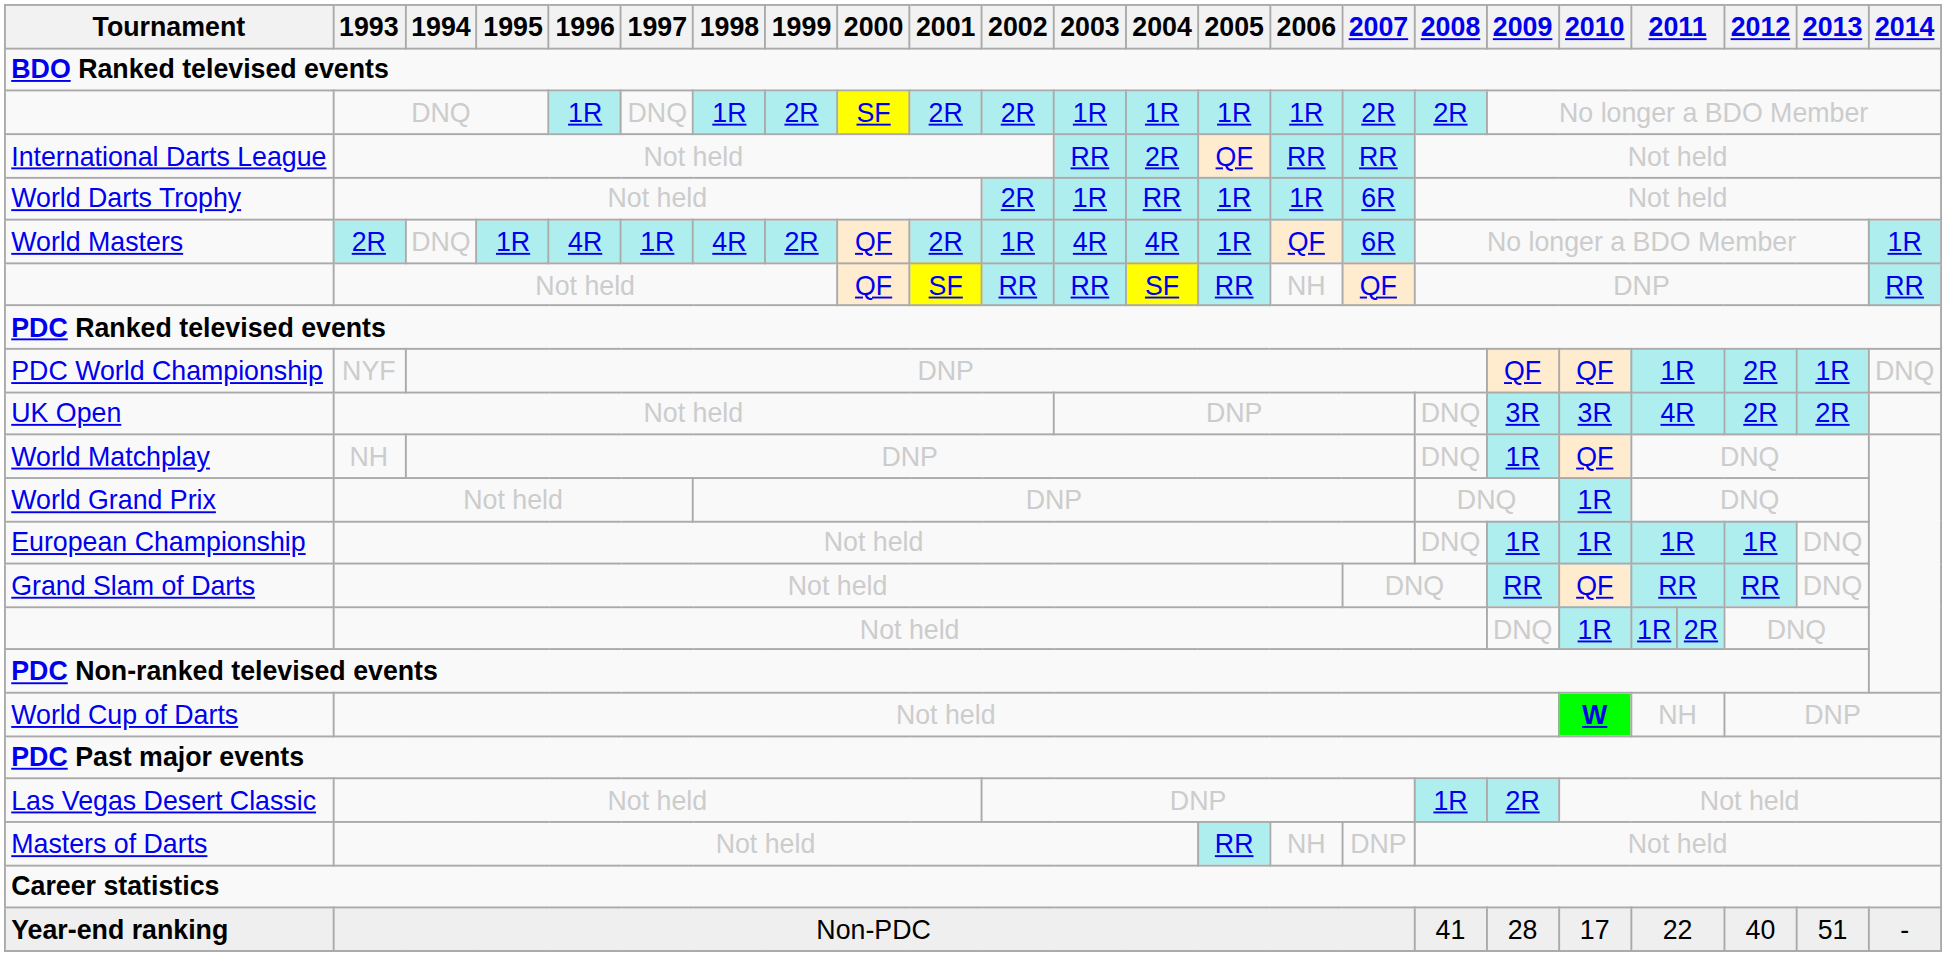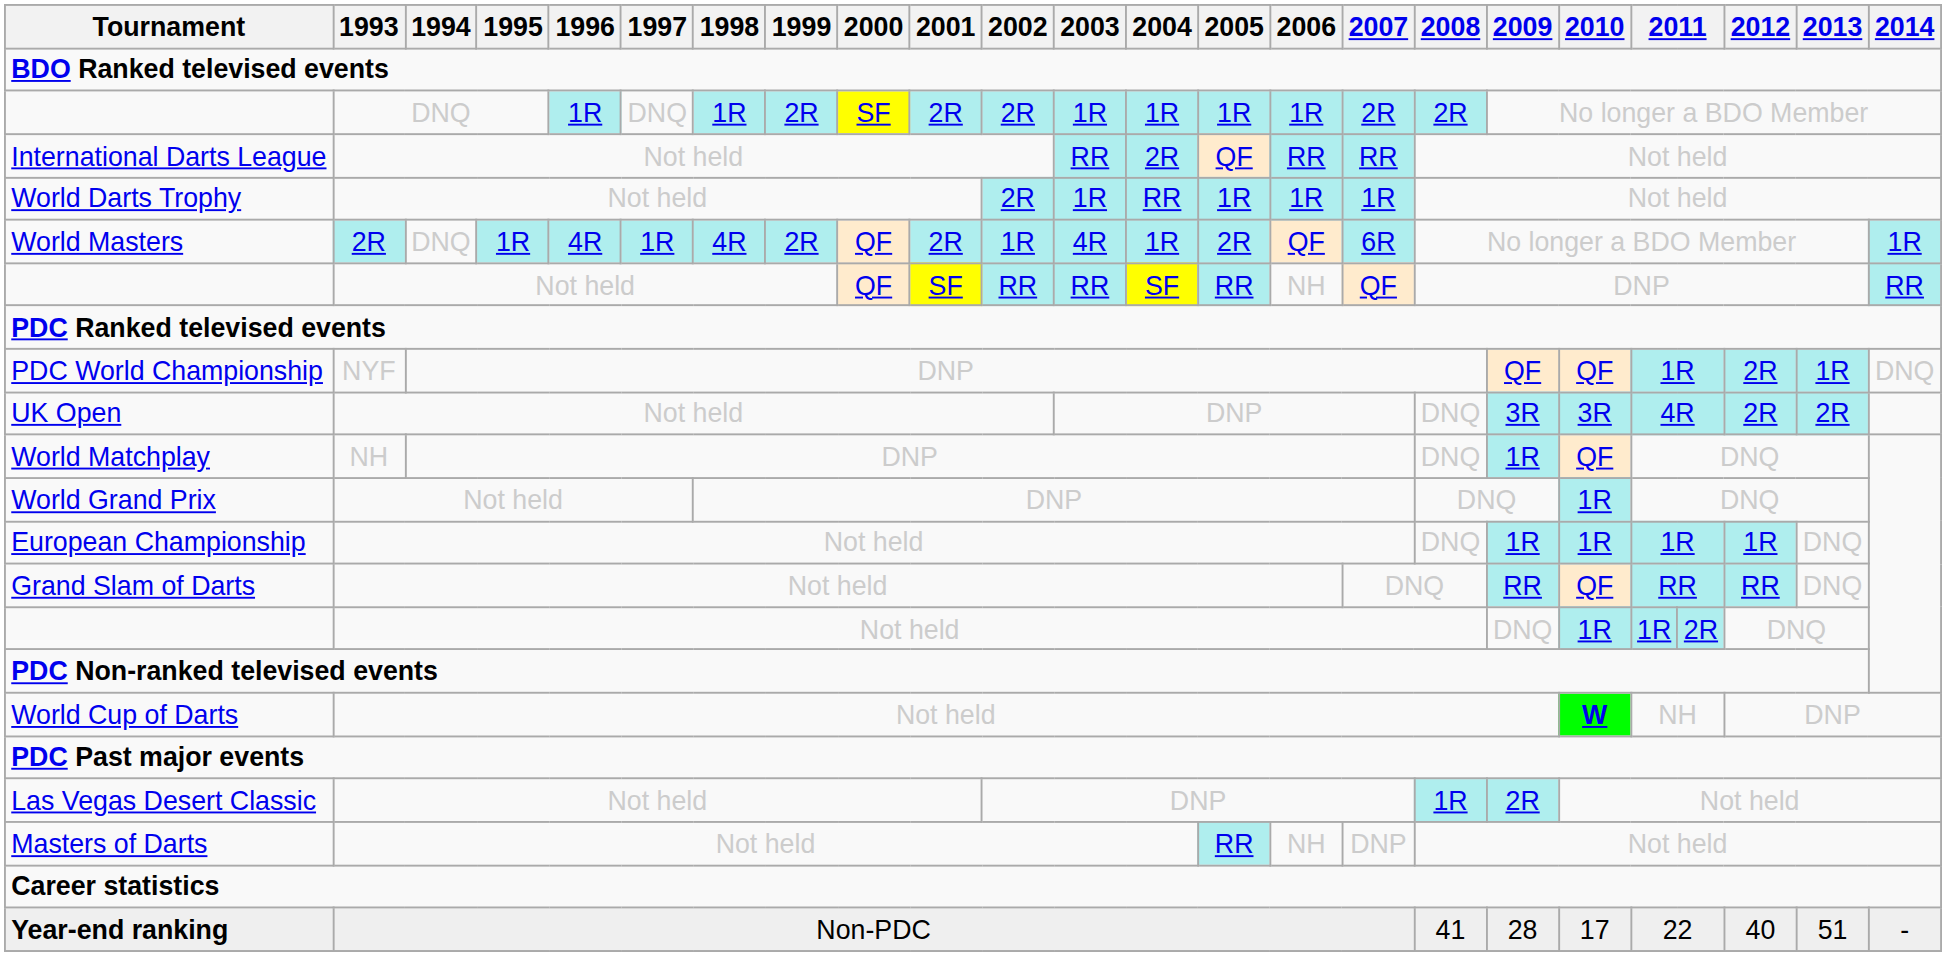 <table class=wikitable style=text-align:center;font-size:88%>
 <tr>
 <th>Tournament</th>
 <th>1993</th>
 <th>1994</th>
 <th>1995</th>
 <th>1996</th>
 <th>1997</th>
 <th>1998</th>
 <th>1999</th>
 <th>2000</th>
 <th>2001</th>
 <th>2002</th>
 <th>2003</th>
 <th>2004</th>
 <th>2005</th>
 <th>2006</th>
 <th><a href='#'>2007</a></th>
 <th><a href='#'>2008</a></th>
 <th><a href='#'>2009</a></th>
 <th><a href='#'>2010</a></th>
 <th colspan="2"><a href='#'>2011</a></th>
 <th><a href='#'>2012</a></th>
 <th><a href='#'>2013</a></th>
 <th><a href='#'>2014</a></th>
 </tr>
 <tr>
 <td colspan="24" align="left"><strong><a href='#'>BDO</a> Ranked televised events</strong></td>
 </tr>
 <tr>
 <td align=left></td>
 <td colspan="3" style="text-align:center; color:#ccc;">DNQ</td>
 <td style="text-align:center; background:#afeeee;"><a href='#'>1R</a></td>
 <td style="text-align:center; color:#ccc;">DNQ</td>
 <td style="text-align:center; background:#afeeee;"><a href='#'>1R</a></td>
 <td style="text-align:center; background:#afeeee;"><a href='#'>2R</a></td>
 <td style="text-align:center; background:yellow;"><a href='#'>SF</a></td>
 <td style="text-align:center; background:#afeeee;"><a href='#'>2R</a></td>
 <td style="text-align:center; background:#afeeee;"><a href='#'>2R</a></td>
 <td style="text-align:center; background:#afeeee;"><a href='#'>1R</a></td>
 <td style="text-align:center; background:#afeeee;"><a href='#'>1R</a></td>
 <td style="text-align:center; background:#afeeee;"><a href='#'>1R</a></td>
 <td style="text-align:center; background:#afeeee;"><a href='#'>1R</a></td>
 <td style="text-align:center; background:#afeeee;"><a href='#'>2R</a></td>
 <td style="text-align:center; background:#afeeee;"><a href='#'>2R</a></td>
 <td colspan="7" style="text-align:center; color:#ccc;">No longer a BDO Member</td>
 </tr>
 <tr>
 <td align=left><a href='#'>International Darts League</a></td>
 <td colspan="10" style="text-align:center; color:#ccc;">Not held</td>
 <td style="text-align:center; background:#afeeee;"><a href='#'>RR</a></td>
 <td style="text-align:center; background:#afeeee;"><a href='#'>2R</a></td>
 <td style="text-align:center; background:#ffebcd;"><a href='#'>QF</a></td>
 <td style="text-align:center; background:#afeeee;"><a href='#'>RR</a></td>
 <td style="text-align:center; background:#afeeee;"><a href='#'>RR</a></td>
 <td colspan="8" style="text-align:center; color:#ccc;">Not held</td>
 </tr>
 <tr>
 <td align=left><a href='#'>World Darts Trophy</a></td>
 <td colspan="9" style="text-align:center; color:#ccc;">Not held</td>
 <td style="text-align:center; background:#afeeee;"><a href='#'>2R</a></td>
 <td style="text-align:center; background:#afeeee;"><a href='#'>1R</a></td>
 <td style="text-align:center; background:#afeeee;"><a href='#'>RR</a></td>
 <td style="text-align:center; background:#afeeee;"><a href='#'>1R</a></td>
 <td style="text-align:center; background:#afeeee;"><a href='#'>1R</a></td>
-<td style="text-align:center; background:#afeeee;"><a href='#'>6R</a></td>
+<td style="text-align:center; background:#afeeee;"><a href='#'>1R</a></td>
 <td colspan="8" style="text-align:center; color:#ccc;">Not held</td>
 </tr>
 <tr>
 <td align=left><a href='#'>World Masters</a></td>
 <td style="text-align:center; background:#afeeee;"><a href='#'>2R</a></td>
 <td style="text-align:center; color:#ccc;">DNQ</td>
 <td style="text-align:center; background:#afeeee;"><a href='#'>1R</a></td>
 <td style="text-align:center; background:#afeeee;"><a href='#'>4R</a></td>
 <td style="text-align:center; background:#afeeee;"><a href='#'>1R</a></td>
 <td style="text-align:center; background:#afeeee;"><a href='#'>4R</a></td>
 <td style="text-align:center; background:#afeeee;"><a href='#'>2R</a></td>
 <td style="text-align:center; background:#ffebcd;"><a href='#'>QF</a></td>
 <td style="text-align:center; background:#afeeee;"><a href='#'>2R</a></td>
 <td style="text-align:center; background:#afeeee;"><a href='#'>1R</a></td>
 <td style="text-align:center; background:#afeeee;"><a href='#'>4R</a></td>
-<td style="text-align:center; background:#afeeee;"><a href='#'>4R</a></td>
 <td style="text-align:center; background:#afeeee;"><a href='#'>1R</a></td>
+<td style="text-align:center; background:#afeeee;"><a href='#'>2R</a></td>
 <td style="text-align:center; background:#ffebcd;"><a href='#'>QF</a></td>
 <td style="text-align:center; background:#afeeee;"><a href='#'>6R</a></td>
 <td colspan="7" style="text-align:center; color:#ccc;">No longer a BDO Member</td>
 <td style="text-align:center; background:#afeeee;"><a href='#'>1R</a></td>
 </tr>
 <tr>
 <td align=left></td>
 <td colspan="7" style="text-align:center; color:#ccc;">Not held</td>
 <td style="text-align:center; background:#ffebcd;"><a href='#'>QF</a></td>
 <td style="text-align:center; background:yellow;"><a href='#'>SF</a></td>
 <td style="text-align:center; background:#afeeee;"><a href='#'>RR</a></td>
 <td style="text-align:center; background:#afeeee;"><a href='#'>RR</a></td>
 <td style="text-align:center; background:yellow;"><a href='#'>SF</a></td>
 <td style="text-align:center; background:#afeeee;"><a href='#'>RR</a></td>
 <td style="text-align:center; color:#ccc;">NH</td>
 <td style="text-align:center; background:#ffebcd;"><a href='#'>QF</a></td>
 <td colspan="7" style="text-align:center; color:#ccc;">DNP</td>
 <td style="text-align:center; background:#afeeee;"><a href='#'>RR</a></td>
 </tr>
 <tr>
 <td colspan="24" align="left"><strong><a href='#'>PDC</a> Ranked televised events</strong></td>
 </tr>
 <tr>
 <td align=left><a href='#'>PDC World Championship</a></td>
 <td style="text-align:center; color:#ccc;">NYF</td>
 <td colspan="15" style="text-align:center; color:#ccc;">DNP</td>
 <td style="text-align:center; background:#ffebcd;"><a href='#'>QF</a></td>
 <td style="text-align:center; background:#ffebcd;"><a href='#'>QF</a></td>
 <td style="text-align:center; background:#afeeee;" colspan="2"><a href='#'>1R</a></td>
 <td style="text-align:center; background:#afeeee;"><a href='#'>2R</a></td>
 <td style="text-align:center; background:#afeeee;"><a href='#'>1R</a></td>
 <td style="text-align:center; color:#ccc;">DNQ</td>
 </tr>
 <tr>
 <td align=left><a href='#'>UK Open</a></td>
 <td colspan="10" style="text-align:center; color:#ccc;">Not held</td>
 <td colspan="5" style="text-align:center; color:#ccc;">DNP</td>
 <td style="text-align:center; color:#ccc;">DNQ</td>
 <td style="text-align:center; background:#afeeee;"><a href='#'>3R</a></td>
 <td style="text-align:center; background:#afeeee;"><a href='#'>3R</a></td>
 <td style="text-align:center; background:#afeeee;" colspan="2"><a href='#'>4R</a></td>
 <td style="text-align:center; background:#afeeee;"><a href='#'>2R</a></td>
 <td style="text-align:center; background:#afeeee;"><a href='#'>2R</a></td>
 </tr>
 <tr>
 <td align=left><a href='#'>World Matchplay</a></td>
 <td style="text-align:center; color:#ccc;">NH</td>
 <td colspan="14" style="text-align:center; color:#ccc;">DNP</td>
 <td style="text-align:center; color:#ccc;">DNQ</td>
 <td style="text-align:center; background:#afeeee;"><a href='#'>1R</a></td>
 <td style="text-align:center; background:#ffebcd;"><a href='#'>QF</a></td>
 <td colspan="4" style="text-align:center; color:#ccc;">DNQ</td>
 <td rowspan=6 style="text-align:center;"></td>
 </tr>
 <tr>
 <td align=left><a href='#'>World Grand Prix</a></td>
 <td colspan="5" style="text-align:center; color:#ccc;">Not held</td>
 <td colspan="10" style="text-align:center; color:#ccc;">DNP</td>
 <td colspan="2" style="text-align:center; color:#ccc;">DNQ</td>
 <td style="text-align:center; background:#afeeee;"><a href='#'>1R</a></td>
 <td colspan="4" style="text-align:center; color:#ccc;">DNQ</td>
 </tr>
 <tr>
 <td align=left><a href='#'>European Championship</a></td>
 <td colspan="15" style="text-align:center; color:#ccc;">Not held</td>
 <td style="text-align:center; color:#ccc;">DNQ</td>
 <td style="text-align:center; background:#afeeee;"><a href='#'>1R</a></td>
 <td style="text-align:center; background:#afeeee;"><a href='#'>1R</a></td>
 <td style="text-align:center; background:#afeeee;" colspan="2"><a href='#'>1R</a></td>
 <td style="text-align:center; background:#afeeee;"><a href='#'>1R</a></td>
 <td style="text-align:center; color:#ccc;">DNQ</td>
 </tr>
 <tr>
 <td align=left><a href='#'>Grand Slam of Darts</a></td>
 <td colspan="14" style="text-align:center; color:#ccc;">Not held</td>
 <td colspan="2" style="text-align:center; color:#ccc;">DNQ</td>
 <td style="text-align:center; background:#afeeee;"><a href='#'>RR</a></td>
 <td style="text-align:center; background:#ffebcd;"><a href='#'>QF</a></td>
 <td style="text-align:center; background:#afeeee;" colspan="2"><a href='#'>RR</a></td>
 <td style="text-align:center; background:#afeeee;"><a href='#'>RR</a></td>
 <td style="text-align:center; color:#ccc;">DNQ</td>
 </tr>
 <tr>
 <td align=left></td>
 <td colspan="16" style="text-align:center; color:#ccc;">Not held</td>
 <td style="text-align:center; color:#ccc;">DNQ</td>
 <td style="text-align:center; background:#afeeee;"><a href='#'>1R</a></td>
 <td style="text-align:center; background:#afeeee;"><a href='#'>1R</a></td>
 <td style="text-align:center; background:#afeeee;"><a href='#'>2R</a></td>
 <td colspan="2" style="text-align:center; color:#ccc;">DNQ</td>
 </tr>
 <tr>
 <td colspan="24" align="left"><strong><a href='#'>PDC</a> Non-ranked televised events</strong></td>
 </tr>
 <tr>
 <td align=left><a href='#'>World Cup of Darts</a></td>
 <td colspan="17" style="text-align:center; color:#ccc;">Not held</td>
 <td style="text-align:center; background:lime;"><strong><a href='#'>W</a></strong></td>
 <td colspan="2" style="text-align:center; color:#ccc;">NH</td>
 <td colspan="3" style="text-align:center; color:#ccc;">DNP</td>
 </tr>
 <tr>
 <td colspan="24" align="left"><strong><a href='#'>PDC</a> Past major events</strong></td>
 </tr>
 <tr>
 <td align=left><a href='#'>Las Vegas Desert Classic</a></td>
 <td colspan="9" style="text-align:center; color:#ccc;">Not held</td>
 <td colspan="6" style="text-align:center; color:#ccc;">DNP</td>
 <td style="text-align:center; background:#afeeee;"><a href='#'>1R</a></td>
 <td style="text-align:center; background:#afeeee;"><a href='#'>2R</a></td>
 <td colspan="6" style="text-align:center; color:#ccc;">Not held</td>
 </tr>
 <tr>
 <td align=left><a href='#'>Masters of Darts</a></td>
 <td colspan="12" style="text-align:center; color:#ccc;">Not held</td>
 <td style="text-align:center; background:#afeeee;"><a href='#'>RR</a></td>
 <td style="text-align:center; color:#ccc;">NH</td>
 <td style="text-align:center; color:#ccc;">DNP</td>
 <td colspan="8" style="text-align:center; color:#ccc;">Not held</td>
 </tr>
 <tr>
 <td colspan="24" align="left"><strong>Career statistics</strong></td>
 </tr>
 <tr bgcolor="efefef">
 <td align="left"><strong>Year-end ranking</strong></td>
 <td colspan="15" style="text-align:center;">Non-PDC</td>
 <td style="text-align:center;">41</td>
 <td style="text-align:center;">28</td>
 <td style="text-align:center;">17</td>
 <td colspan="2" style="text-align:center;">22</td>
 <td style="text-align:center;">40</td>
 <td style="text-align:center;">51</td>
 <td>-</td>
 </tr>
 <tr>
 </tr>
 </table>
